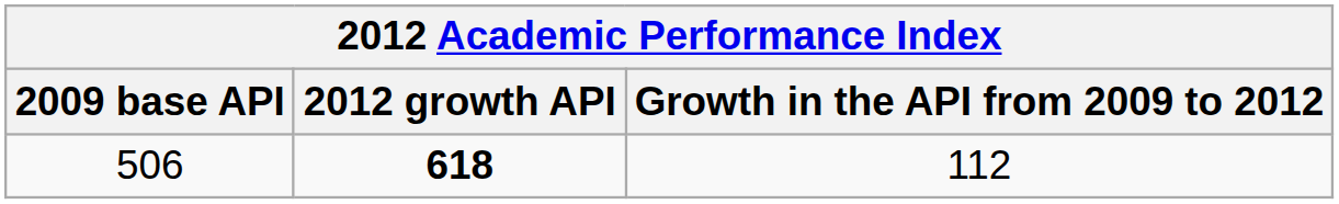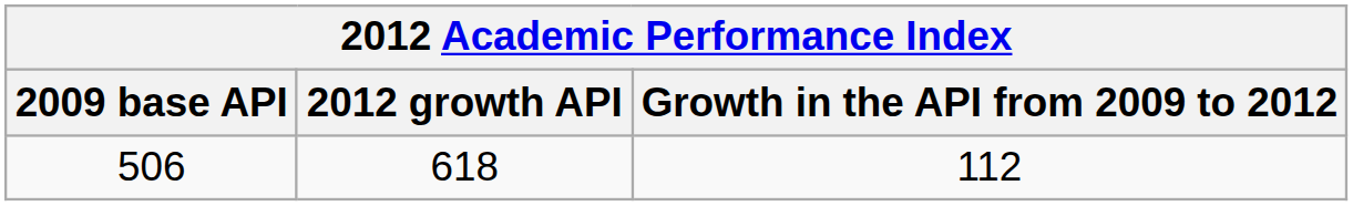 <table class="wikitable" style="text-align:center">
 <tr>
 <th colspan="3">2012 <a href='#'>Academic Performance Index</a></th>
 </tr>
 <tr>
 <th>2009 base API </th>
 <th>2012 growth API </th>
 <th>Growth in the API from 2009 to 2012</th>
 </tr>
 <tr>
 <td>506</td>
-<td><strong>618</strong></td>
+<td>618</td>
 <td>112</td>
 </tr>
 </table>
